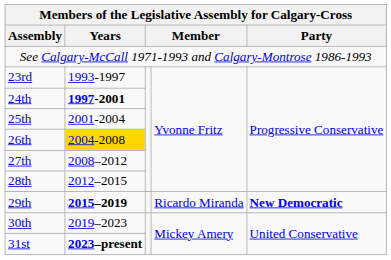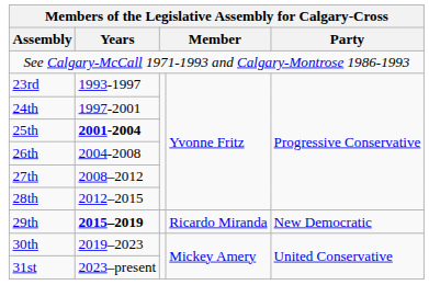 <table class="wikitable" align=right>
 <tr>
 <th colspan=5>Members of the Legislative Assembly for Calgary-Cross</th>
 </tr>
 <tr>
 <th>Assembly</th>
 <th>Years</th>
 <th colspan="2">Member</th>
 <th>Party</th>
 </tr>
 <tr>
 <td align="center" colspan=5><em>See <a href='#'>Calgary-McCall</a> 1971-1993 and <a href='#'>Calgary-Montrose</a> 1986-1993</em></td>
 </tr>
 <tr>
 <td><a href='#'>23rd</a></td>
 <td><a href='#'>1993</a>-1997</td>
 <td rowspan=6 ></td>
 <td rowspan=6><a href='#'>Yvonne Fritz</a></td>
 <td rowspan=6><a href='#'>Progressive Conservative</a></td>
 </tr>
 <tr>
 <td><a href='#'>24th</a></td>
-<td><strong><a href='#'>1997</a>-2001</strong></td>
+<td><a href='#'>1997</a>-2001</td>
 </tr>
 <tr>
 <td><a href='#'>25th</a></td>
-<td><a href='#'>2001</a>-2004</td>
+<td><strong><a href='#'>2001</a>-2004</strong></td>
 </tr>
 <tr>
 <td><a href='#'>26th</a></td>
-<td style="background: gold;"><a href='#'>2004</a>-2008</td>
+<td><a href='#'>2004</a>-2008</td>
 </tr>
 <tr>
 <td><a href='#'>27th</a></td>
 <td><a href='#'>2008</a>–2012</td>
 </tr>
 <tr>
 <td><a href='#'>28th</a></td>
 <td><a href='#'>2012</a>–2015</td>
 </tr>
 <tr>
 <td><a href='#'>29th</a></td>
 <td><strong><a href='#'>2015</a>–2019</strong></td>
 <td></td>
 <td><a href='#'>Ricardo Miranda</a></td>
-<td><strong><a href='#'>New Democratic</a></strong></td>
+<td><a href='#'>New Democratic</a></td>
 </tr>
 <tr>
 <td><a href='#'>30th</a></td>
 <td><a href='#'>2019</a>–2023</td>
 <td rowspan=2 ></td>
 <td rowspan=2><a href='#'>Mickey Amery</a></td>
 <td rowspan=2><a href='#'>United Conservative</a></td>
 </tr>
 <tr>
 <td><a href='#'>31st</a></td>
-<td><strong><a href='#'>2023</a>–present</strong></td>
+<td><a href='#'>2023</a>–present</td>
 </tr>
 </table>
